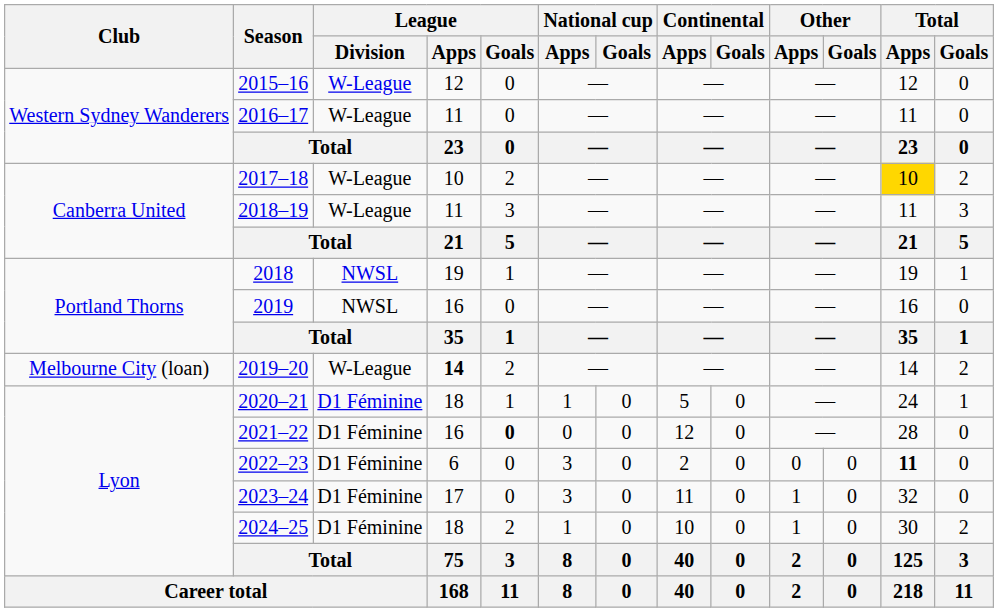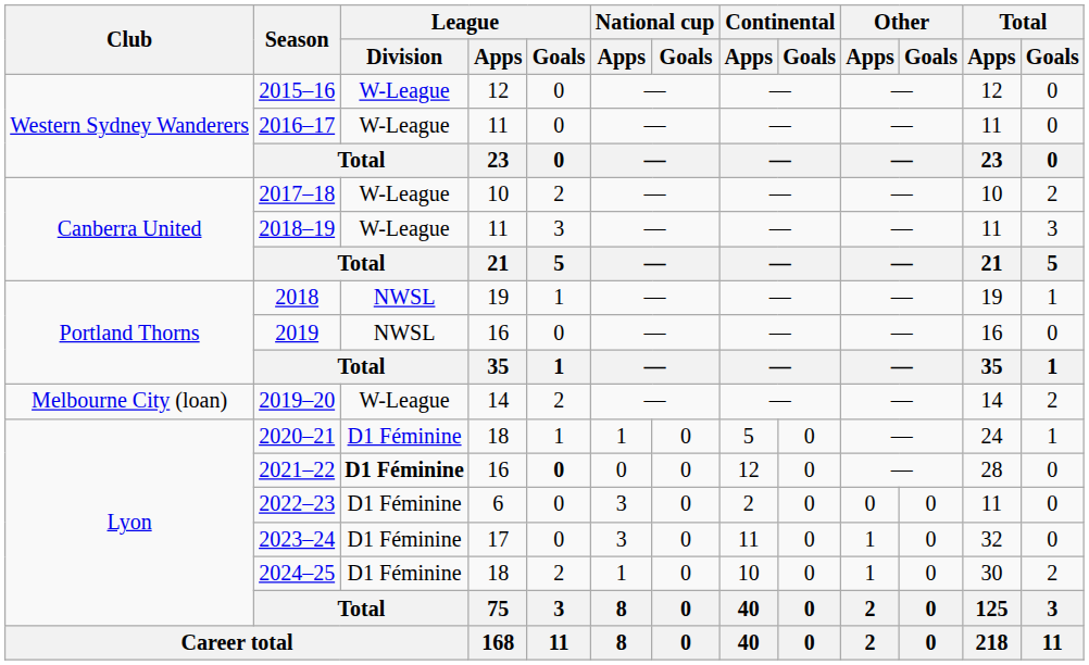 <table class="wikitable" style="text-align:center">
 <tr>
 <th rowspan="2">Club</th>
 <th rowspan="2">Season</th>
 <th colspan="3">League</th>
 <th colspan="2">National cup</th>
 <th colspan="2">Continental</th>
 <th colspan="2">Other</th>
 <th colspan="2">Total</th>
 </tr>
 <tr>
 <th>Division</th>
 <th>Apps</th>
 <th>Goals</th>
 <th>Apps</th>
 <th>Goals</th>
 <th>Apps</th>
 <th>Goals</th>
 <th>Apps</th>
 <th>Goals</th>
 <th>Apps</th>
 <th>Goals</th>
 </tr>
 <tr>
 <td rowspan="3"><a href='#'>Western Sydney Wanderers</a></td>
 <td><a href='#'>2015–16</a></td>
 <td><a href='#'>W-League</a></td>
 <td>12</td>
 <td>0</td>
 <td colspan="2">—</td>
 <td colspan="2">—</td>
 <td colspan="2">—</td>
 <td>12</td>
 <td>0</td>
 </tr>
 <tr>
 <td><a href='#'>2016–17</a></td>
 <td>W-League</td>
 <td>11</td>
 <td>0</td>
 <td colspan="2">—</td>
 <td colspan="2">—</td>
 <td colspan="2">—</td>
 <td>11</td>
 <td>0</td>
 </tr>
 <tr>
 <th colspan="2">Total</th>
 <th>23</th>
 <th>0</th>
 <th colspan="2">—</th>
 <th colspan="2">—</th>
 <th colspan="2">—</th>
 <th>23</th>
 <th>0</th>
 </tr>
 <tr>
 <td rowspan="3"><a href='#'>Canberra United</a></td>
 <td><a href='#'>2017–18</a></td>
 <td>W-League</td>
 <td>10</td>
 <td>2</td>
 <td colspan="2">—</td>
 <td colspan="2">—</td>
 <td colspan="2">—</td>
-<td style="background: gold;">10</td>
+<td>10</td>
 <td>2</td>
 </tr>
 <tr>
 <td><a href='#'>2018–19</a></td>
 <td>W-League</td>
 <td>11</td>
 <td>3</td>
 <td colspan="2">—</td>
 <td colspan="2">—</td>
 <td colspan="2">—</td>
 <td>11</td>
 <td>3</td>
 </tr>
 <tr>
 <th colspan="2">Total</th>
 <th>21</th>
 <th>5</th>
 <th colspan="2">—</th>
 <th colspan="2">—</th>
 <th colspan="2">—</th>
 <th>21</th>
 <th>5</th>
 </tr>
 <tr>
 <td rowspan="3"><a href='#'>Portland Thorns</a></td>
 <td><a href='#'>2018</a></td>
 <td><a href='#'>NWSL</a></td>
 <td>19</td>
 <td>1</td>
 <td colspan="2">—</td>
 <td colspan="2">—</td>
 <td colspan="2">—</td>
 <td>19</td>
 <td>1</td>
 </tr>
 <tr>
 <td><a href='#'>2019</a></td>
 <td>NWSL</td>
 <td>16</td>
 <td>0</td>
 <td colspan="2">—</td>
 <td colspan="2">—</td>
 <td colspan="2">—</td>
 <td>16</td>
 <td>0</td>
 </tr>
 <tr>
 <th colspan="2">Total</th>
 <th>35</th>
 <th>1</th>
 <th colspan="2">—</th>
 <th colspan="2">—</th>
 <th colspan="2">—</th>
 <th>35</th>
 <th>1</th>
 </tr>
 <tr>
 <td><a href='#'>Melbourne City</a> (loan)</td>
 <td><a href='#'>2019–20</a></td>
 <td>W-League</td>
-<td><strong>14</strong></td>
+<td>14</td>
 <td>2</td>
 <td colspan="2">—</td>
 <td colspan="2">—</td>
 <td colspan="2">—</td>
 <td>14</td>
 <td>2</td>
 </tr>
 <tr>
 <td rowspan="6"><a href='#'>Lyon</a></td>
 <td><a href='#'>2020–21</a></td>
 <td><a href='#'>D1 Féminine</a></td>
 <td>18</td>
 <td>1</td>
 <td>1</td>
 <td>0</td>
 <td>5</td>
 <td>0</td>
 <td colspan="2">—</td>
 <td>24</td>
 <td>1</td>
 </tr>
 <tr>
 <td><a href='#'>2021–22</a></td>
-<td>D1 Féminine</td>
+<td><strong>D1 Féminine</strong></td>
 <td>16</td>
 <td><strong>0</strong></td>
 <td>0</td>
 <td>0</td>
 <td>12</td>
 <td>0</td>
 <td colspan="2">—</td>
 <td>28</td>
 <td>0</td>
 </tr>
 <tr>
 <td><a href='#'>2022–23</a></td>
 <td>D1 Féminine</td>
 <td>6</td>
 <td>0</td>
 <td>3</td>
 <td>0</td>
 <td>2</td>
 <td>0</td>
 <td>0</td>
 <td>0</td>
-<td><strong>11</strong></td>
+<td>11</td>
 <td>0</td>
 </tr>
 <tr>
 <td><a href='#'>2023–24</a></td>
 <td>D1 Féminine</td>
 <td>17</td>
 <td>0</td>
 <td>3</td>
 <td>0</td>
 <td>11</td>
 <td>0</td>
 <td>1</td>
 <td>0</td>
 <td>32</td>
 <td>0</td>
 </tr>
 <tr>
 <td><a href='#'>2024–25</a></td>
 <td>D1 Féminine</td>
 <td>18</td>
 <td>2</td>
 <td>1</td>
 <td>0</td>
 <td>10</td>
 <td>0</td>
 <td>1</td>
 <td>0</td>
 <td>30</td>
 <td>2</td>
 </tr>
 <tr>
 <th colspan="2">Total</th>
 <th>75</th>
 <th>3</th>
 <th>8</th>
 <th>0</th>
 <th>40</th>
 <th>0</th>
 <th>2</th>
 <th>0</th>
 <th>125</th>
 <th>3</th>
 </tr>
 <tr>
 <th colspan="3">Career total</th>
 <th>168</th>
 <th>11</th>
 <th>8</th>
 <th>0</th>
 <th>40</th>
 <th>0</th>
 <th>2</th>
 <th>0</th>
 <th>218</th>
 <th>11</th>
 </tr>
 </table>
